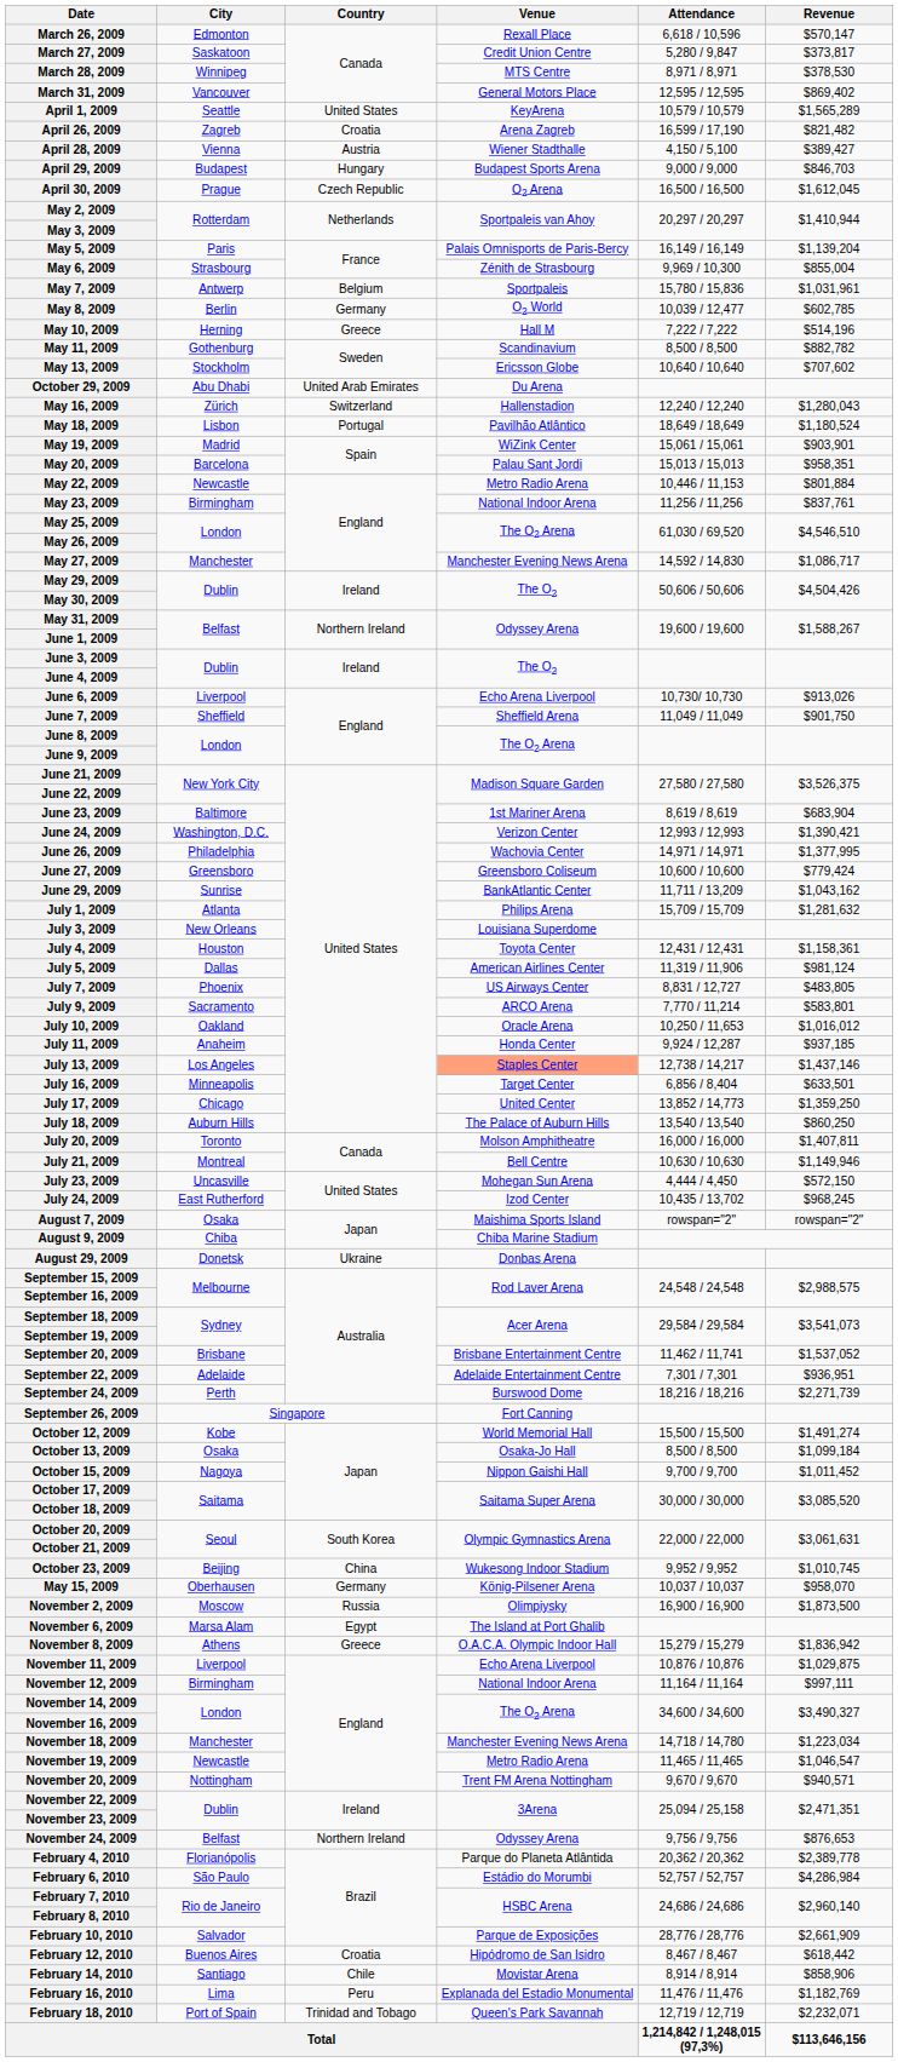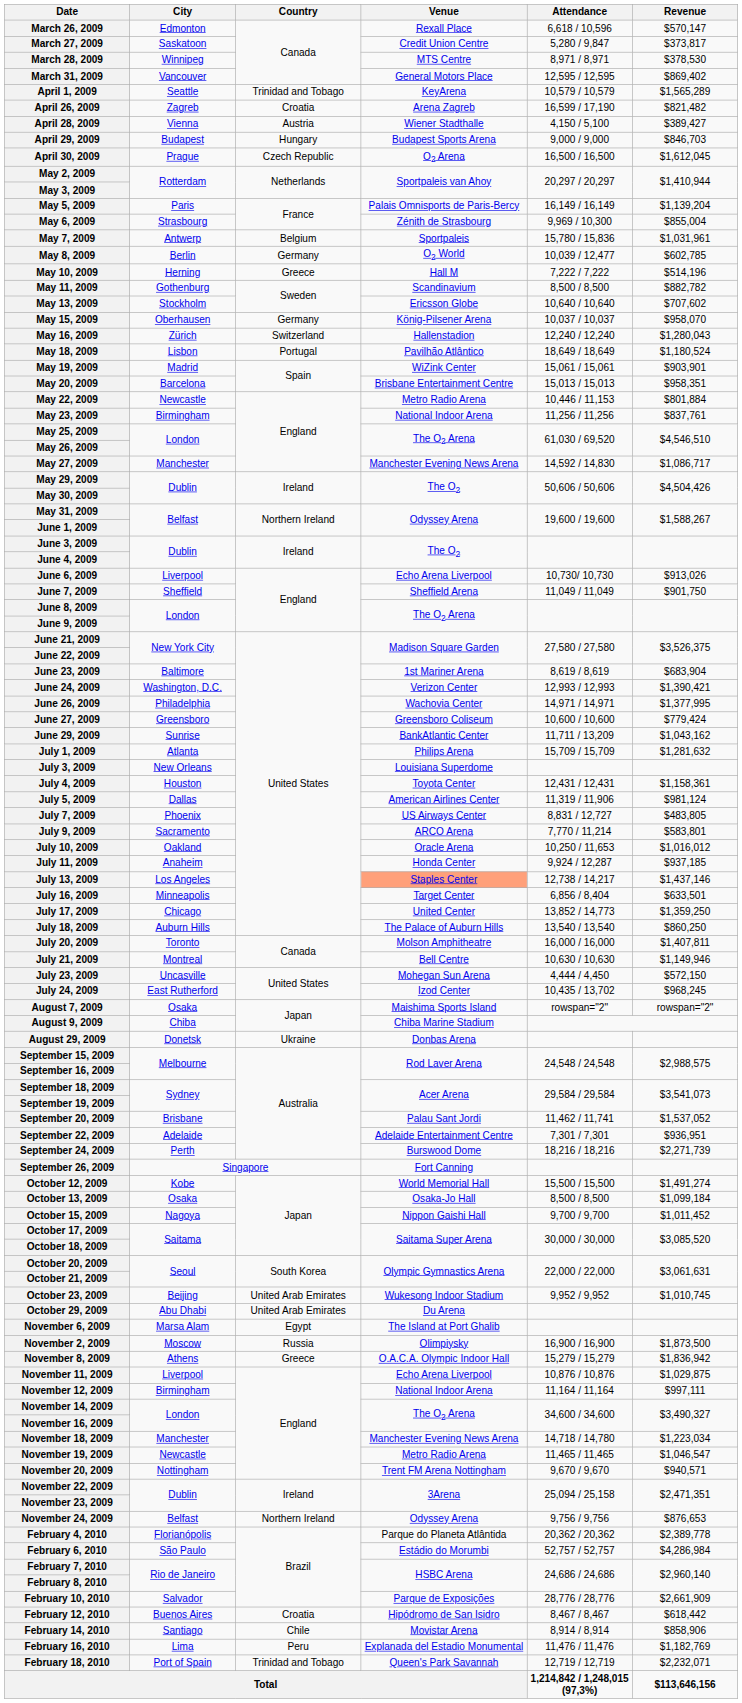 <table class="wikitable plainrowheaders" style="text-align:center;">
 <tr>
 <th scope="col" style="width:12em;">Date</th>
 <th scope="col" style="width:10em;">City</th>
 <th scope="col" style="width:12em;">Country</th>
 <th scope="col" style="width:16em;">Venue</th>
 <th scope="col" style="width:10em;">Attendance</th>
 <th scope="col" style="width:10em;">Revenue</th>
 </tr>
 <tr>
 <th scope="row">March 26, 2009</th>
 <td><a href='#'>Edmonton</a></td>
 <td rowspan="4">Canada</td>
 <td><a href='#'>Rexall Place</a></td>
 <td>6,618 / 10,596</td>
 <td>$570,147</td>
 </tr>
 <tr>
 <th scope="row">March 27, 2009</th>
 <td><a href='#'>Saskatoon</a></td>
 <td><a href='#'>Credit Union Centre</a></td>
 <td>5,280 / 9,847</td>
 <td>$373,817</td>
 </tr>
 <tr>
 <th scope="row">March 28, 2009</th>
 <td><a href='#'>Winnipeg</a></td>
 <td><a href='#'>MTS Centre</a></td>
 <td>8,971 / 8,971</td>
 <td>$378,530</td>
 </tr>
 <tr>
 <th scope="row">March 31, 2009</th>
 <td><a href='#'>Vancouver</a></td>
 <td><a href='#'>General Motors Place</a></td>
 <td>12,595 / 12,595</td>
 <td>$869,402</td>
 </tr>
 <tr>
 <th scope="row">April 1, 2009</th>
 <td><a href='#'>Seattle</a></td>
-<td>United States</td>
+<td>Trinidad and Tobago</td>
 <td><a href='#'>KeyArena</a></td>
 <td>10,579 / 10,579</td>
 <td>$1,565,289</td>
 </tr>
 <tr>
 <th scope="row">April 26, 2009</th>
 <td><a href='#'>Zagreb</a></td>
 <td>Croatia</td>
 <td><a href='#'>Arena Zagreb</a></td>
 <td>16,599 / 17,190</td>
 <td>$821,482</td>
 </tr>
 <tr>
 <th scope="row">April 28, 2009</th>
 <td><a href='#'>Vienna</a></td>
 <td>Austria</td>
 <td><a href='#'>Wiener Stadthalle</a></td>
 <td>4,150 / 5,100</td>
 <td>$389,427</td>
 </tr>
 <tr>
 <th scope="row">April 29, 2009</th>
 <td><a href='#'>Budapest</a></td>
 <td>Hungary</td>
 <td><a href='#'>Budapest Sports Arena</a></td>
 <td>9,000 / 9,000</td>
 <td>$846,703</td>
 </tr>
 <tr>
 <th scope="row">April 30, 2009</th>
 <td><a href='#'>Prague</a></td>
 <td>Czech Republic</td>
 <td><a href='#'>O<sub>2</sub> Arena</a></td>
 <td>16,500 / 16,500</td>
 <td>$1,612,045</td>
 </tr>
 <tr>
 <th scope="row">May 2, 2009</th>
 <td rowspan="2"><a href='#'>Rotterdam</a></td>
 <td rowspan="2">Netherlands</td>
 <td rowspan="2"><a href='#'>Sportpaleis van Ahoy</a></td>
 <td rowspan="2">20,297 / 20,297</td>
 <td rowspan="2">$1,410,944</td>
 </tr>
 <tr>
 <th scope="row">May 3, 2009</th>
 </tr>
 <tr>
 <th scope="row">May 5, 2009</th>
 <td><a href='#'>Paris</a></td>
 <td rowspan="2">France</td>
 <td><a href='#'>Palais Omnisports de Paris-Bercy</a></td>
 <td>16,149 / 16,149</td>
 <td>$1,139,204</td>
 </tr>
 <tr>
 <th scope="row">May 6, 2009</th>
 <td><a href='#'>Strasbourg</a></td>
 <td><a href='#'>Zénith de Strasbourg</a></td>
 <td>9,969 / 10,300</td>
 <td>$855,004</td>
 </tr>
 <tr>
 <th scope="row">May 7, 2009</th>
 <td><a href='#'>Antwerp</a></td>
 <td>Belgium</td>
 <td><a href='#'>Sportpaleis</a></td>
 <td>15,780 / 15,836</td>
 <td>$1,031,961</td>
 </tr>
 <tr>
 <th scope="row">May 8, 2009</th>
 <td><a href='#'>Berlin</a></td>
 <td>Germany</td>
 <td><a href='#'>O<sub>2</sub> World</a></td>
 <td>10,039 / 12,477</td>
 <td>$602,785</td>
 </tr>
 <tr>
 <th scope="row">May 10, 2009</th>
 <td><a href='#'>Herning</a></td>
 <td>Greece</td>
 <td><a href='#'>Hall M</a></td>
 <td>7,222 / 7,222</td>
 <td>$514,196</td>
 </tr>
 <tr>
 <th scope="row">May 11, 2009</th>
 <td><a href='#'>Gothenburg</a></td>
 <td rowspan="2">Sweden</td>
 <td><a href='#'>Scandinavium</a></td>
 <td>8,500 / 8,500</td>
 <td>$882,782</td>
 </tr>
 <tr>
 <th scope="row">May 13, 2009</th>
 <td><a href='#'>Stockholm</a></td>
 <td><a href='#'>Ericsson Globe</a></td>
 <td>10,640 / 10,640</td>
 <td>$707,602</td>
 </tr>
 <tr>
-<th scope="row">October 29, 2009</th>
-<td><a href='#'>Abu Dhabi</a></td>
-<td>United Arab Emirates</td>
-<td><a href='#'>Du Arena</a></td>
-<td></td>
-<td></td>
+<th scope="row">May 15, 2009</th>
+<td><a href='#'>Oberhausen</a></td>
+<td>Germany</td>
+<td><a href='#'>König-Pilsener Arena</a></td>
+<td>10,037 / 10,037</td>
+<td>$958,070</td>
 </tr>
 <tr>
 <th scope="row">May 16, 2009</th>
 <td><a href='#'>Zürich</a></td>
 <td>Switzerland</td>
 <td><a href='#'>Hallenstadion</a></td>
 <td>12,240 / 12,240</td>
 <td>$1,280,043</td>
 </tr>
 <tr>
 <th scope="row">May 18, 2009</th>
 <td><a href='#'>Lisbon</a></td>
 <td>Portugal</td>
 <td><a href='#'>Pavilhão Atlântico</a></td>
 <td>18,649 / 18,649</td>
 <td>$1,180,524</td>
 </tr>
 <tr>
 <th scope="row">May 19, 2009</th>
 <td><a href='#'>Madrid</a></td>
 <td rowspan="2">Spain</td>
 <td><a href='#'>WiZink Center</a></td>
 <td>15,061 / 15,061</td>
 <td>$903,901</td>
 </tr>
 <tr>
 <th scope="row">May 20, 2009</th>
 <td><a href='#'>Barcelona</a></td>
-<td><a href='#'>Palau Sant Jordi</a></td>
+<td><a href='#'>Brisbane Entertainment Centre</a></td>
 <td>15,013 / 15,013</td>
 <td>$958,351</td>
 </tr>
 <tr>
 <th scope="row">May 22, 2009</th>
 <td><a href='#'>Newcastle</a></td>
 <td rowspan="5">England</td>
 <td><a href='#'>Metro Radio Arena</a></td>
 <td>10,446 / 11,153</td>
 <td>$801,884</td>
 </tr>
 <tr>
 <th scope="row">May 23, 2009</th>
 <td><a href='#'>Birmingham</a></td>
 <td><a href='#'>National Indoor Arena</a></td>
 <td>11,256 / 11,256</td>
 <td>$837,761</td>
 </tr>
 <tr>
 <th scope="row">May 25, 2009</th>
 <td rowspan="2"><a href='#'>London</a></td>
 <td rowspan="2"><a href='#'>The O<sub>2</sub> Arena</a></td>
 <td rowspan="2">61,030 / 69,520</td>
 <td rowspan="2">$4,546,510</td>
 </tr>
 <tr>
 <th scope="row">May 26, 2009</th>
 </tr>
 <tr>
 <th scope="row">May 27, 2009</th>
 <td><a href='#'>Manchester</a></td>
 <td><a href='#'>Manchester Evening News Arena</a></td>
 <td>14,592 / 14,830</td>
 <td>$1,086,717</td>
 </tr>
 <tr>
 <th scope="row">May 29, 2009</th>
 <td rowspan="2"><a href='#'>Dublin</a></td>
 <td rowspan="2">Ireland</td>
 <td rowspan="2"><a href='#'>The O<sub>2</sub></a></td>
 <td rowspan="2">50,606 / 50,606</td>
 <td rowspan="2">$4,504,426</td>
 </tr>
 <tr>
 <th scope="row">May 30, 2009</th>
 </tr>
 <tr>
 <th scope="row">May 31, 2009</th>
 <td rowspan="2"><a href='#'>Belfast</a></td>
 <td rowspan="2">Northern Ireland</td>
 <td rowspan="2"><a href='#'>Odyssey Arena</a></td>
 <td rowspan="2">19,600 / 19,600</td>
 <td rowspan="2">$1,588,267</td>
 </tr>
 <tr>
 <th scope="row">June 1, 2009</th>
 </tr>
 <tr>
 <th scope="row">June 3, 2009</th>
 <td rowspan="2"><a href='#'>Dublin</a></td>
 <td rowspan="2">Ireland</td>
 <td rowspan="2"><a href='#'>The O<sub>2</sub></a></td>
 <td rowspan="2"></td>
 <td rowspan="2"></td>
 </tr>
 <tr>
 <th scope="row">June 4, 2009</th>
 </tr>
 <tr>
 <th scope="row">June 6, 2009</th>
 <td><a href='#'>Liverpool</a></td>
 <td rowspan="4">England</td>
 <td><a href='#'>Echo Arena Liverpool</a></td>
 <td>10,730/ 10,730</td>
 <td>$913,026</td>
 </tr>
 <tr>
 <th scope="row">June 7, 2009</th>
 <td><a href='#'>Sheffield</a></td>
 <td><a href='#'>Sheffield Arena</a></td>
 <td>11,049 / 11,049</td>
 <td>$901,750</td>
 </tr>
 <tr>
 <th scope="row">June 8, 2009</th>
 <td rowspan="2"><a href='#'>London</a></td>
 <td rowspan="2"><a href='#'>The O<sub>2</sub> Arena</a></td>
 <td rowspan="2"></td>
 <td rowspan="2"></td>
 </tr>
 <tr>
 <th scope="row">June 9, 2009</th>
 </tr>
 <tr>
 <th scope="row">June 21, 2009</th>
 <td rowspan="2"><a href='#'>New York City</a></td>
 <td rowspan="19">United States</td>
 <td rowspan="2"><a href='#'>Madison Square Garden</a></td>
 <td rowspan="2">27,580 / 27,580</td>
 <td rowspan="2">$3,526,375</td>
 </tr>
 <tr>
 <th scope="row">June 22, 2009</th>
 </tr>
 <tr>
 <th scope="row">June 23, 2009</th>
 <td><a href='#'>Baltimore</a></td>
 <td><a href='#'>1st Mariner Arena</a></td>
 <td>8,619 / 8,619</td>
 <td>$683,904</td>
 </tr>
 <tr>
 <th scope="row">June 24, 2009</th>
 <td><a href='#'>Washington, D.C.</a></td>
 <td><a href='#'>Verizon Center</a></td>
 <td>12,993 / 12,993</td>
 <td>$1,390,421</td>
 </tr>
 <tr>
 <th scope="row">June 26, 2009</th>
 <td><a href='#'>Philadelphia</a></td>
 <td><a href='#'>Wachovia Center</a></td>
 <td>14,971 / 14,971</td>
 <td>$1,377,995</td>
 </tr>
 <tr>
 <th scope="row">June 27, 2009</th>
 <td><a href='#'>Greensboro</a></td>
 <td><a href='#'>Greensboro Coliseum</a></td>
 <td>10,600 / 10,600</td>
 <td>$779,424</td>
 </tr>
 <tr>
 <th scope="row">June 29, 2009</th>
 <td><a href='#'>Sunrise</a></td>
 <td><a href='#'>BankAtlantic Center</a></td>
 <td>11,711 / 13,209</td>
 <td>$1,043,162</td>
 </tr>
 <tr>
 <th scope="row">July 1, 2009</th>
 <td><a href='#'>Atlanta</a></td>
 <td><a href='#'>Philips Arena</a></td>
 <td>15,709 / 15,709</td>
 <td>$1,281,632</td>
 </tr>
 <tr>
 <th scope="row">July 3, 2009</th>
 <td><a href='#'>New Orleans</a></td>
 <td><a href='#'>Louisiana Superdome</a></td>
 <td></td>
 <td></td>
 </tr>
 <tr>
 <th scope="row">July 4, 2009</th>
 <td><a href='#'>Houston</a></td>
 <td><a href='#'>Toyota Center</a></td>
 <td>12,431 / 12,431</td>
 <td>$1,158,361</td>
 </tr>
 <tr>
 <th scope="row">July 5, 2009</th>
 <td><a href='#'>Dallas</a></td>
 <td><a href='#'>American Airlines Center</a></td>
 <td>11,319 / 11,906</td>
 <td>$981,124</td>
 </tr>
 <tr>
 <th scope="row">July 7, 2009</th>
 <td><a href='#'>Phoenix</a></td>
 <td><a href='#'>US Airways Center</a></td>
 <td>8,831 / 12,727</td>
 <td>$483,805</td>
 </tr>
 <tr>
 <th scope="row">July 9, 2009</th>
 <td><a href='#'>Sacramento</a></td>
 <td><a href='#'>ARCO Arena</a></td>
 <td>7,770 / 11,214</td>
 <td>$583,801</td>
 </tr>
 <tr>
 <th scope="row">July 10, 2009</th>
 <td><a href='#'>Oakland</a></td>
 <td><a href='#'>Oracle Arena</a></td>
 <td>10,250 / 11,653</td>
 <td>$1,016,012</td>
 </tr>
 <tr>
 <th scope="row">July 11, 2009</th>
 <td><a href='#'>Anaheim</a></td>
 <td><a href='#'>Honda Center</a></td>
 <td>9,924 / 12,287</td>
 <td>$937,185</td>
 </tr>
 <tr>
 <th scope="row">July 13, 2009</th>
 <td><a href='#'>Los Angeles</a></td>
 <td style="background: lightsalmon;"><a href='#'>Staples Center</a></td>
 <td>12,738 / 14,217</td>
 <td>$1,437,146</td>
 </tr>
 <tr>
 <th scope="row">July 16, 2009</th>
 <td><a href='#'>Minneapolis</a></td>
 <td><a href='#'>Target Center</a></td>
 <td>6,856 / 8,404</td>
 <td>$633,501</td>
 </tr>
 <tr>
 <th scope="row">July 17, 2009</th>
 <td><a href='#'>Chicago</a></td>
 <td><a href='#'>United Center</a></td>
 <td>13,852 / 14,773</td>
 <td>$1,359,250</td>
 </tr>
 <tr>
 <th scope="row">July 18, 2009</th>
 <td><a href='#'>Auburn Hills</a></td>
 <td><a href='#'>The Palace of Auburn Hills</a></td>
 <td>13,540 / 13,540</td>
 <td>$860,250</td>
 </tr>
 <tr>
 <th scope="row">July 20, 2009</th>
 <td><a href='#'>Toronto</a></td>
 <td rowspan="2">Canada</td>
 <td><a href='#'>Molson Amphitheatre</a></td>
 <td>16,000 / 16,000</td>
 <td>$1,407,811</td>
 </tr>
 <tr>
 <th scope="row">July 21, 2009</th>
 <td><a href='#'>Montreal</a></td>
 <td><a href='#'>Bell Centre</a></td>
 <td>10,630 / 10,630</td>
 <td>$1,149,946</td>
 </tr>
 <tr>
 <th scope="row">July 23, 2009</th>
 <td><a href='#'>Uncasville</a></td>
 <td rowspan="2">United States</td>
 <td><a href='#'>Mohegan Sun Arena</a></td>
 <td>4,444 / 4,450</td>
 <td>$572,150</td>
 </tr>
 <tr>
 <th scope="row">July 24, 2009</th>
 <td><a href='#'>East Rutherford</a></td>
 <td><a href='#'>Izod Center</a></td>
 <td>10,435 / 13,702</td>
 <td>$968,245</td>
 </tr>
 <tr>
 <th scope="row">August 7, 2009</th>
 <td><a href='#'>Osaka</a></td>
 <td rowspan="2">Japan</td>
 <td><a href='#'>Maishima Sports Island</a></td>
 <td>rowspan="2" </td>
 <td>rowspan="2" </td>
 </tr>
 <tr>
 <th scope="row">August 9, 2009</th>
 <td><a href='#'>Chiba</a></td>
 <td><a href='#'>Chiba Marine Stadium</a></td>
 </tr>
 <tr>
 <th scope="row">August 29, 2009</th>
 <td><a href='#'>Donetsk</a></td>
 <td>Ukraine</td>
 <td><a href='#'>Donbas Arena</a></td>
 <td></td>
 <td></td>
 </tr>
 <tr>
 <th scope="row">September 15, 2009</th>
 <td rowspan="2"><a href='#'>Melbourne</a></td>
 <td rowspan="7">Australia</td>
 <td rowspan="2"><a href='#'>Rod Laver Arena</a></td>
 <td rowspan="2">24,548 / 24,548</td>
 <td rowspan="2">$2,988,575</td>
 </tr>
 <tr>
 <th scope="row">September 16, 2009</th>
 </tr>
 <tr>
 <th scope="row">September 18, 2009</th>
 <td rowspan="2"><a href='#'>Sydney</a></td>
 <td rowspan="2"><a href='#'>Acer Arena</a></td>
 <td rowspan="2">29,584 / 29,584</td>
 <td rowspan="2">$3,541,073</td>
 </tr>
 <tr>
 <th scope="row">September 19, 2009</th>
 </tr>
 <tr>
 <th scope="row">September 20, 2009</th>
 <td><a href='#'>Brisbane</a></td>
-<td><a href='#'>Brisbane Entertainment Centre</a></td>
+<td><a href='#'>Palau Sant Jordi</a></td>
 <td>11,462 / 11,741</td>
 <td>$1,537,052</td>
 </tr>
 <tr>
 <th scope="row">September 22, 2009</th>
 <td><a href='#'>Adelaide</a></td>
 <td><a href='#'>Adelaide Entertainment Centre</a></td>
 <td>7,301 / 7,301</td>
 <td>$936,951</td>
 </tr>
 <tr>
 <th scope="row">September 24, 2009</th>
 <td><a href='#'>Perth</a></td>
 <td><a href='#'>Burswood Dome</a></td>
 <td>18,216 / 18,216</td>
 <td>$2,271,739</td>
 </tr>
 <tr>
 <th scope="row">September 26, 2009</th>
 <td colspan="2"><a href='#'>Singapore</a></td>
 <td><a href='#'>Fort Canning</a></td>
 <td></td>
 <td></td>
 </tr>
 <tr>
 <th scope="row">October 12, 2009</th>
 <td><a href='#'>Kobe</a></td>
 <td rowspan="5">Japan</td>
 <td><a href='#'>World Memorial Hall</a></td>
 <td>15,500 / 15,500</td>
 <td>$1,491,274</td>
 </tr>
 <tr>
 <th scope="row">October 13, 2009</th>
 <td><a href='#'>Osaka</a></td>
 <td><a href='#'>Osaka-Jo Hall</a></td>
 <td>8,500 / 8,500</td>
 <td>$1,099,184</td>
 </tr>
 <tr>
 <th scope="row">October 15, 2009</th>
 <td><a href='#'>Nagoya</a></td>
 <td><a href='#'>Nippon Gaishi Hall</a></td>
 <td>9,700 / 9,700</td>
 <td>$1,011,452</td>
 </tr>
 <tr>
 <th scope="row">October 17, 2009</th>
 <td rowspan="2"><a href='#'>Saitama</a></td>
 <td rowspan="2"><a href='#'>Saitama Super Arena</a></td>
 <td rowspan="2">30,000 / 30,000</td>
 <td rowspan="2">$3,085,520</td>
 </tr>
 <tr>
 <th scope="row">October 18, 2009</th>
 </tr>
 <tr>
 <th scope="row">October 20, 2009</th>
 <td rowspan="2"><a href='#'>Seoul</a></td>
 <td rowspan="2">South Korea</td>
 <td rowspan="2"><a href='#'>Olympic Gymnastics Arena</a></td>
 <td rowspan="2">22,000 / 22,000</td>
 <td rowspan="2">$3,061,631</td>
 </tr>
 <tr>
 <th scope="row">October 21, 2009</th>
 </tr>
 <tr>
 <th scope="row">October 23, 2009</th>
 <td><a href='#'>Beijing</a></td>
-<td>China</td>
+<td>United Arab Emirates</td>
 <td><a href='#'>Wukesong Indoor Stadium</a></td>
 <td>9,952 / 9,952</td>
 <td>$1,010,745</td>
 </tr>
 <tr>
-<th scope="row">May 15, 2009</th>
-<td><a href='#'>Oberhausen</a></td>
-<td>Germany</td>
-<td><a href='#'>König-Pilsener Arena</a></td>
-<td>10,037 / 10,037</td>
-<td>$958,070</td>
+<th scope="row">October 29, 2009</th>
+<td><a href='#'>Abu Dhabi</a></td>
+<td>United Arab Emirates</td>
+<td><a href='#'>Du Arena</a></td>
+<td></td>
+<td></td>
+</tr>
+<tr>
+<th scope="row">November 6, 2009</th>
+<td><a href='#'>Marsa Alam</a></td>
+<td>Egypt</td>
+<td><a href='#'>The Island at Port Ghalib</a></td>
+<td></td>
+<td></td>
 </tr>
 <tr>
 <th scope="row">November 2, 2009</th>
 <td><a href='#'>Moscow</a></td>
 <td>Russia</td>
 <td><a href='#'>Olimpiysky</a></td>
 <td>16,900 / 16,900</td>
 <td>$1,873,500</td>
-</tr>
-<tr>
-<th scope="row">November 6, 2009</th>
-<td><a href='#'>Marsa Alam</a></td>
-<td>Egypt</td>
-<td><a href='#'>The Island at Port Ghalib</a></td>
-<td></td>
-<td></td>
 </tr>
 <tr>
 <th scope="row">November 8, 2009</th>
 <td><a href='#'>Athens</a></td>
 <td>Greece</td>
 <td><a href='#'>O.A.C.A. Olympic Indoor Hall</a></td>
 <td>15,279 / 15,279</td>
 <td>$1,836,942</td>
 </tr>
 <tr>
 <th scope="row">November 11, 2009</th>
 <td><a href='#'>Liverpool</a></td>
 <td rowspan="7">England</td>
 <td><a href='#'>Echo Arena Liverpool</a></td>
 <td>10,876 / 10,876</td>
 <td>$1,029,875</td>
 </tr>
 <tr>
 <th scope="row">November 12, 2009</th>
 <td><a href='#'>Birmingham</a></td>
 <td><a href='#'>National Indoor Arena</a></td>
 <td>11,164 / 11,164</td>
 <td>$997,111</td>
 </tr>
 <tr>
 <th scope="row">November 14, 2009</th>
 <td rowspan="2"><a href='#'>London</a></td>
 <td rowspan="2"><a href='#'>The O<sub>2</sub> Arena</a></td>
 <td rowspan="2">34,600 / 34,600</td>
 <td rowspan="2">$3,490,327</td>
 </tr>
 <tr>
 <th scope="row">November 16, 2009</th>
 </tr>
 <tr>
 <th scope="row">November 18, 2009</th>
 <td><a href='#'>Manchester</a></td>
 <td><a href='#'>Manchester Evening News Arena</a></td>
 <td>14,718 / 14,780</td>
 <td>$1,223,034</td>
 </tr>
 <tr>
 <th scope="row">November 19, 2009</th>
 <td><a href='#'>Newcastle</a></td>
 <td><a href='#'>Metro Radio Arena</a></td>
 <td>11,465 / 11,465</td>
 <td>$1,046,547</td>
 </tr>
 <tr>
 <th scope="row">November 20, 2009</th>
 <td><a href='#'>Nottingham</a></td>
 <td><a href='#'>Trent FM Arena Nottingham</a></td>
 <td>9,670 / 9,670</td>
 <td>$940,571</td>
 </tr>
 <tr>
 <th scope="row">November 22, 2009</th>
 <td rowspan="2"><a href='#'>Dublin</a></td>
 <td rowspan="2">Ireland</td>
 <td rowspan="2"><a href='#'>3Arena</a></td>
 <td rowspan="2">25,094 / 25,158</td>
 <td rowspan="2">$2,471,351</td>
 </tr>
 <tr>
 <th scope="row">November 23, 2009</th>
 </tr>
 <tr>
 <th scope="row">November 24, 2009</th>
 <td><a href='#'>Belfast</a></td>
 <td>Northern Ireland</td>
 <td><a href='#'>Odyssey Arena</a></td>
 <td>9,756 / 9,756</td>
 <td>$876,653</td>
 </tr>
 <tr>
 <th scope="row">February 4, 2010</th>
 <td><a href='#'>Florianópolis</a></td>
 <td rowspan="5">Brazil</td>
 <td>Parque do Planeta Atlântida</td>
 <td>20,362 / 20,362</td>
 <td>$2,389,778</td>
 </tr>
 <tr>
 <th scope="row">February 6, 2010</th>
 <td><a href='#'>São Paulo</a></td>
 <td><a href='#'>Estádio do Morumbi</a></td>
 <td>52,757 / 52,757</td>
 <td>$4,286,984</td>
 </tr>
 <tr>
 <th scope="row">February 7, 2010</th>
 <td rowspan="2"><a href='#'>Rio de Janeiro</a></td>
 <td rowspan="2"><a href='#'>HSBC Arena</a></td>
 <td rowspan="2">24,686 / 24,686</td>
 <td rowspan="2">$2,960,140</td>
 </tr>
 <tr>
 <th scope="row">February 8, 2010</th>
 </tr>
 <tr>
 <th scope="row">February 10, 2010</th>
 <td><a href='#'>Salvador</a></td>
 <td><a href='#'>Parque de Exposições</a></td>
 <td>28,776 / 28,776</td>
 <td>$2,661,909</td>
 </tr>
 <tr>
 <th scope="row">February 12, 2010</th>
 <td><a href='#'>Buenos Aires</a></td>
 <td>Croatia</td>
 <td><a href='#'>Hipódromo de San Isidro</a></td>
 <td>8,467 / 8,467</td>
 <td>$618,442</td>
 </tr>
 <tr>
 <th scope="row">February 14, 2010</th>
 <td><a href='#'>Santiago</a></td>
 <td>Chile</td>
 <td><a href='#'>Movistar Arena</a></td>
 <td>8,914 / 8,914</td>
 <td>$858,906</td>
 </tr>
 <tr>
 <th scope="row">February 16, 2010</th>
 <td><a href='#'>Lima</a></td>
 <td>Peru</td>
 <td><a href='#'>Explanada del Estadio Monumental</a></td>
 <td>11,476 / 11,476</td>
 <td>$1,182,769</td>
 </tr>
 <tr>
 <th scope="row">February 18, 2010</th>
 <td><a href='#'>Port of Spain</a></td>
 <td>Trinidad and Tobago</td>
 <td><a href='#'>Queen's Park Savannah</a></td>
 <td>12,719 / 12,719</td>
 <td>$2,232,071</td>
 </tr>
 <tr>
 <th colspan="4">Total</th>
 <td><strong>1,214,842 / 1,248,015</strong> <strong>(97,3%)</strong></td>
 <td><strong>$113,646,156</strong></td>
 </tr>
 </table>
